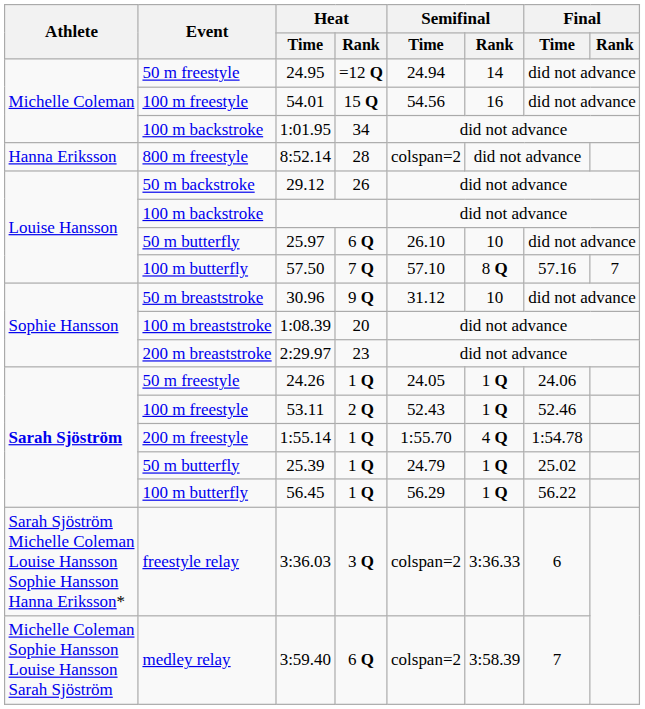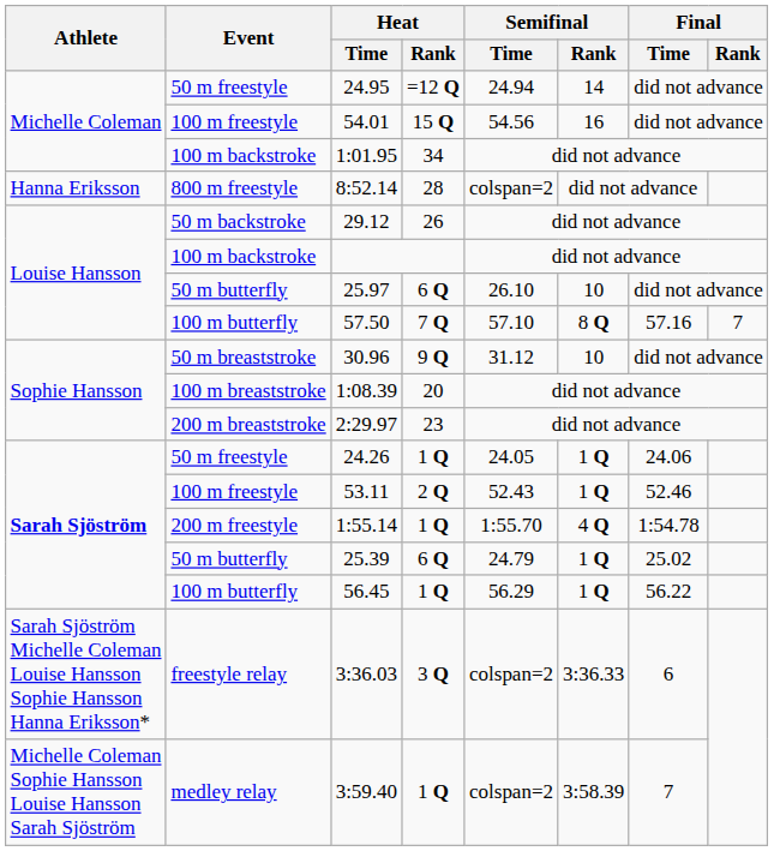 <table class="wikitable" style="text-align:center; font-size:90%">
 <tr>
 <th rowspan="2">Athlete</th>
 <th rowspan="2">Event</th>
 <th colspan="2">Heat</th>
 <th colspan="2">Semifinal</th>
 <th colspan="2">Final</th>
 </tr>
 <tr style="font-size:95%">
 <th>Time</th>
 <th>Rank</th>
 <th>Time</th>
 <th>Rank</th>
 <th>Time</th>
 <th>Rank</th>
 </tr>
 <tr>
 <td align=left rowspan=3><a href='#'>Michelle Coleman</a></td>
 <td align=left><a href='#'>50 m freestyle</a></td>
 <td>24.95</td>
 <td>=12 <strong>Q</strong></td>
 <td>24.94</td>
 <td>14</td>
 <td colspan=2>did not advance</td>
 </tr>
 <tr>
 <td align=left><a href='#'>100 m freestyle</a></td>
 <td>54.01</td>
 <td>15 <strong>Q</strong></td>
 <td>54.56</td>
 <td>16</td>
 <td colspan=2>did not advance</td>
 </tr>
 <tr>
 <td align=left><a href='#'>100 m backstroke</a></td>
 <td>1:01.95</td>
 <td>34</td>
 <td colspan=4>did not advance</td>
 </tr>
 <tr>
 <td align=left><a href='#'>Hanna Eriksson</a></td>
 <td align=left><a href='#'>800 m freestyle</a></td>
 <td>8:52.14</td>
 <td>28</td>
 <td>colspan=2 </td>
 <td colspan=2>did not advance</td>
 </tr>
 <tr>
 <td align=left rowspan=4><a href='#'>Louise Hansson</a></td>
 <td align=left><a href='#'>50 m backstroke</a></td>
 <td>29.12</td>
 <td>26</td>
 <td colspan=4>did not advance</td>
 </tr>
 <tr>
 <td align=left><a href='#'>100 m backstroke</a></td>
 <td colspan=2></td>
 <td colspan=4>did not advance</td>
 </tr>
 <tr>
 <td align=left><a href='#'>50 m butterfly</a></td>
 <td>25.97</td>
 <td>6 <strong>Q</strong></td>
 <td>26.10</td>
 <td>10</td>
 <td colspan=2>did not advance</td>
 </tr>
 <tr>
 <td align=left><a href='#'>100 m butterfly</a></td>
 <td>57.50</td>
 <td>7 <strong>Q</strong></td>
 <td>57.10</td>
 <td>8 <strong>Q</strong></td>
 <td>57.16</td>
 <td>7</td>
 </tr>
 <tr>
 <td align=left rowspan=3><a href='#'>Sophie Hansson</a></td>
 <td align=left><a href='#'>50 m breaststroke</a></td>
 <td>30.96</td>
 <td>9 <strong>Q</strong></td>
 <td>31.12</td>
 <td>10</td>
 <td colspan=2>did not advance</td>
 </tr>
 <tr>
 <td align=left><a href='#'>100 m breaststroke</a></td>
 <td>1:08.39</td>
 <td>20</td>
 <td colspan=4>did not advance</td>
 </tr>
 <tr>
 <td align=left><a href='#'>200 m breaststroke</a></td>
 <td>2:29.97</td>
 <td>23</td>
 <td colspan=4>did not advance</td>
 </tr>
 <tr>
 <td align=left rowspan=5><strong><a href='#'>Sarah Sjöström</a></strong></td>
 <td align=left><a href='#'>50 m freestyle</a></td>
 <td>24.26</td>
 <td>1 <strong>Q</strong></td>
 <td>24.05</td>
 <td>1 <strong>Q</strong></td>
 <td>24.06</td>
 <td></td>
 </tr>
 <tr>
 <td align=left><a href='#'>100 m freestyle</a></td>
 <td>53.11</td>
 <td>2 <strong>Q</strong></td>
 <td>52.43</td>
 <td>1 <strong>Q</strong></td>
 <td>52.46</td>
 <td></td>
 </tr>
 <tr>
 <td align=left><a href='#'>200 m freestyle</a></td>
 <td>1:55.14</td>
 <td>1 <strong>Q</strong></td>
 <td>1:55.70</td>
 <td>4 <strong>Q</strong></td>
 <td>1:54.78</td>
 <td></td>
 </tr>
 <tr>
 <td align=left><a href='#'>50 m butterfly</a></td>
 <td>25.39</td>
-<td>1 <strong>Q</strong></td>
+<td>6 <strong>Q</strong></td>
 <td>24.79</td>
 <td>1 <strong>Q</strong></td>
 <td>25.02</td>
 <td></td>
 </tr>
 <tr>
 <td align=left><a href='#'>100 m butterfly</a></td>
 <td>56.45</td>
 <td>1 <strong>Q</strong></td>
 <td>56.29</td>
 <td>1 <strong>Q</strong></td>
 <td>56.22</td>
 <td></td>
 </tr>
 <tr>
 <td align=left><a href='#'>Sarah Sjöström</a><br><a href='#'>Michelle Coleman</a><br><a href='#'>Louise Hansson</a><br><a href='#'>Sophie Hansson</a><br><a href='#'>Hanna Eriksson</a>*</td>
 <td align=left><a href='#'> freestyle relay</a></td>
 <td>3:36.03</td>
 <td>3 <strong>Q</strong></td>
 <td>colspan=2 </td>
 <td>3:36.33</td>
 <td>6</td>
 </tr>
 <tr>
 <td align=left><a href='#'>Michelle Coleman</a><br><a href='#'>Sophie Hansson</a><br><a href='#'>Louise Hansson</a><br><a href='#'>Sarah Sjöström</a></td>
 <td align=left><a href='#'> medley relay</a></td>
 <td>3:59.40</td>
-<td>6 <strong>Q</strong></td>
+<td>1 <strong>Q</strong></td>
 <td>colspan=2 </td>
 <td>3:58.39</td>
 <td>7</td>
 </tr>
 </table>
